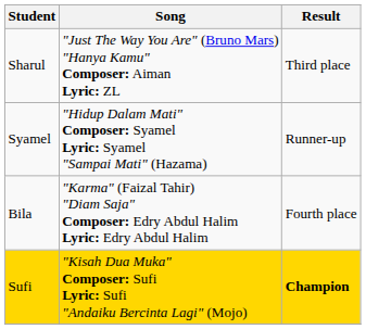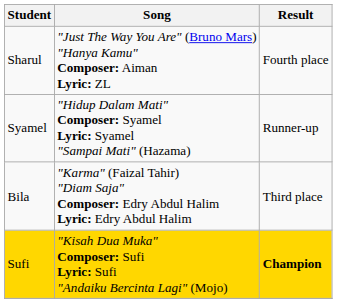 <table class="wikitable" style="font-size:90%;">
 <tr>
 <th>Student</th>
 <th>Song</th>
 <th>Result</th>
 </tr>
 <tr>
 <td>Sharul</td>
 <td><em>"Just The Way You Are"</em> (<a href='#'>Bruno Mars</a>) <br> <em>"Hanya Kamu"</em> <br> <strong>Composer:</strong> Aiman <br> <strong>Lyric:</strong> ZL</td>
-<td>Third place</td>
+<td>Fourth place</td>
 </tr>
 <tr>
 <td>Syamel</td>
 <td><em>"Hidup Dalam Mati"</em> <br> <strong>Composer:</strong> Syamel <br> <strong>Lyric:</strong> Syamel <br> <em>"Sampai Mati"</em> (Hazama)</td>
 <td>Runner-up</td>
 </tr>
 <tr>
 <td>Bila</td>
 <td><em>"Karma"</em> (Faizal Tahir) <br> <em>"Diam Saja"</em> <br> <strong>Composer:</strong> Edry Abdul Halim <br> <strong>Lyric:</strong> Edry Abdul Halim</td>
-<td>Fourth place</td>
+<td>Third place</td>
 </tr>
 <tr style="background: gold;|">
 <td>Sufi</td>
 <td><em>"Kisah Dua Muka"</em> <br> <strong>Composer:</strong> Sufi <br> <strong>Lyric:</strong> Sufi <br> <em>"Andaiku Bercinta Lagi"</em> (Mojo)</td>
 <td><strong>Champion</strong></td>
 </tr>
 <tr>
 </tr>
 </table>
